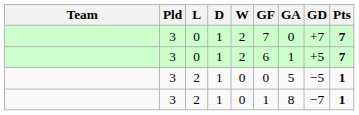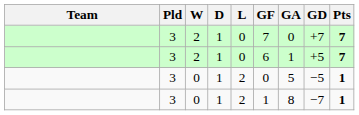 <table class="wikitable" style="text-align:center;">
 <tr>
 <th width=180>Team</th>
 <th width=20>Pld</th>
+<th width=20>W</th>
+<th width=20>D</th>
 <th width=20>L</th>
-<th width=20>D</th>
-<th width=20>W</th>
 <th width=20>GF</th>
 <th width=20>GA</th>
 <th width=20>GD</th>
 <th width=20>Pts</th>
 </tr>
 <tr bgcolor=ccffcc>
 <td align="left"></td>
 <td>3</td>
+<td>2</td>
+<td>1</td>
 <td>0</td>
-<td>1</td>
-<td>2</td>
 <td>7</td>
 <td>0</td>
 <td>+7</td>
 <td><strong>7</strong></td>
 </tr>
 <tr bgcolor=ccffcc>
 <td align="left"></td>
 <td>3</td>
+<td>2</td>
+<td>1</td>
 <td>0</td>
-<td>1</td>
-<td>2</td>
 <td>6</td>
 <td>1</td>
 <td>+5</td>
 <td><strong>7</strong></td>
 </tr>
 <tr>
 <td align="left"></td>
 <td>3</td>
+<td>0</td>
+<td>1</td>
 <td>2</td>
-<td>1</td>
-<td>0</td>
 <td>0</td>
 <td>5</td>
 <td>−5</td>
 <td><strong>1</strong></td>
 </tr>
 <tr>
 <td align="left"></td>
 <td>3</td>
+<td>0</td>
+<td>1</td>
 <td>2</td>
-<td>1</td>
-<td>0</td>
 <td>1</td>
 <td>8</td>
 <td>−7</td>
 <td><strong>1</strong></td>
 </tr>
 </table>
